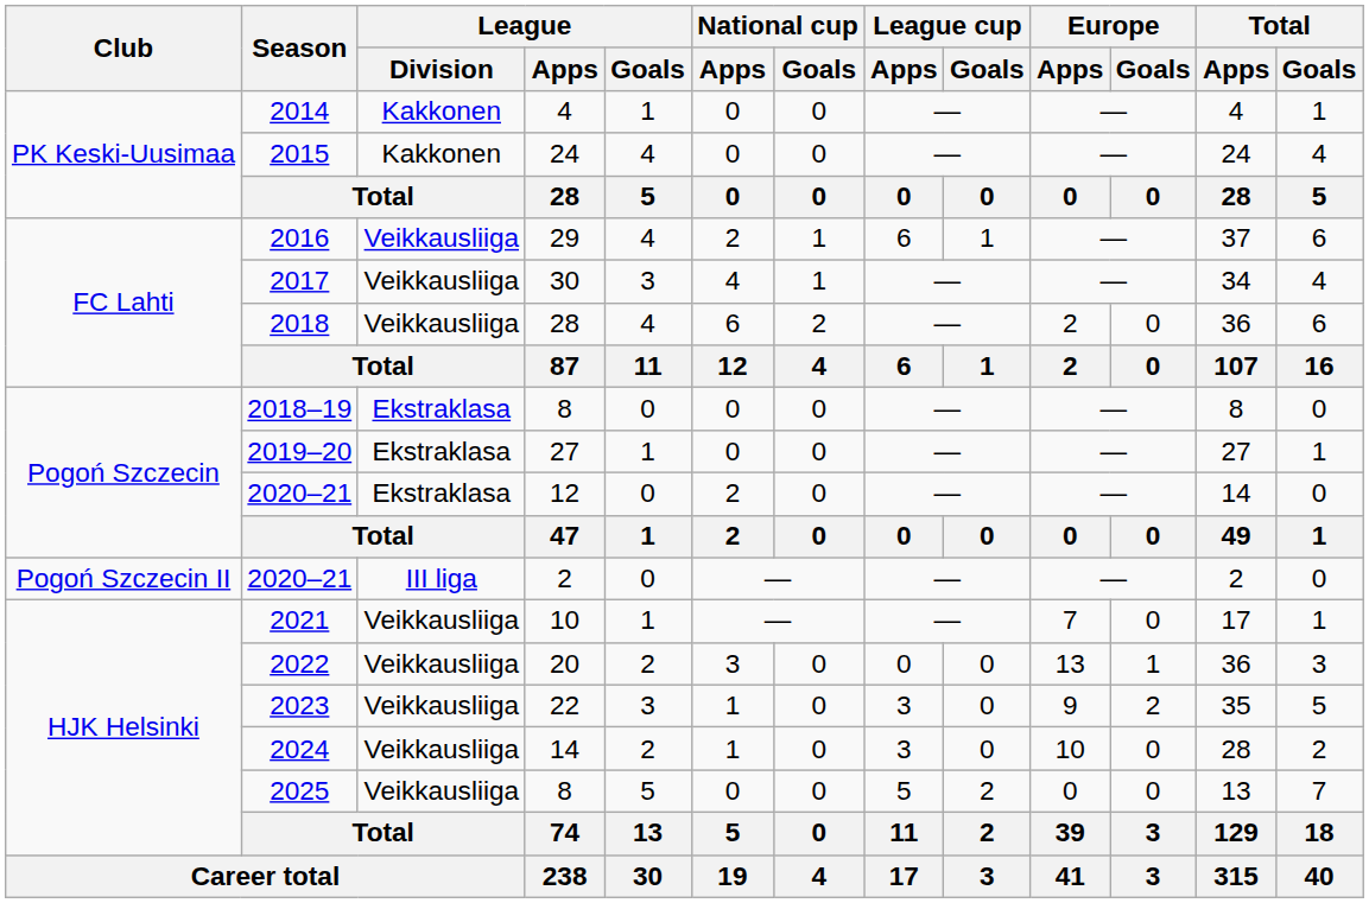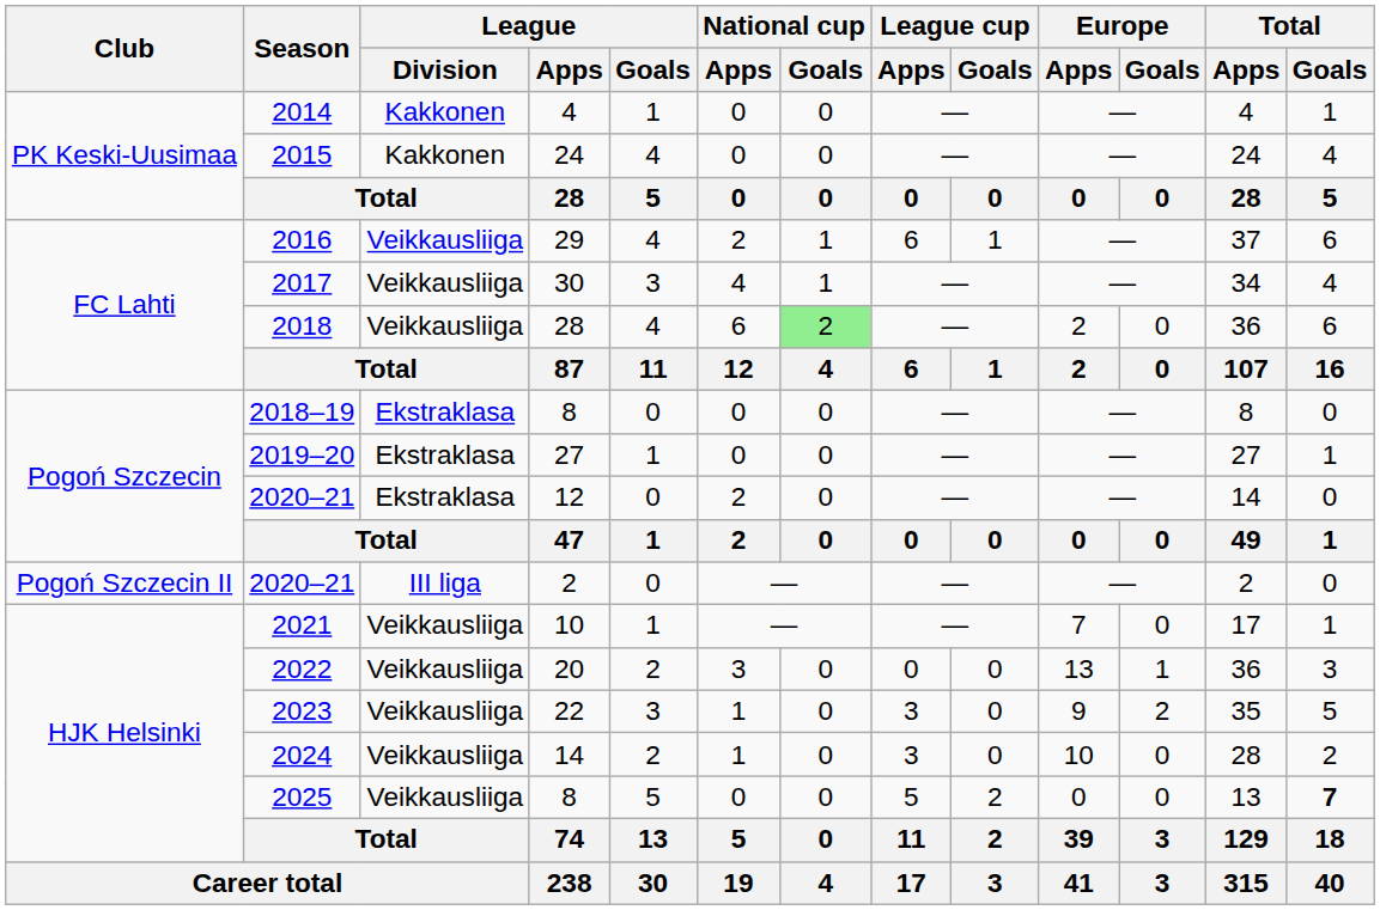 <table class="wikitable" style="text-align:center">
 <tr>
 <th rowspan="2">Club</th>
 <th rowspan="2">Season</th>
 <th colspan="3">League</th>
 <th colspan="2">National cup</th>
 <th colspan="2">League cup</th>
 <th colspan="2">Europe</th>
 <th colspan="2">Total</th>
 </tr>
 <tr>
 <th>Division</th>
 <th>Apps</th>
 <th>Goals</th>
 <th>Apps</th>
 <th>Goals</th>
 <th>Apps</th>
 <th>Goals</th>
 <th>Apps</th>
 <th>Goals</th>
 <th>Apps</th>
 <th>Goals</th>
 </tr>
 <tr>
 <td rowspan="3"><a href='#'>PK Keski-Uusimaa</a></td>
 <td><a href='#'>2014</a></td>
 <td><a href='#'>Kakkonen</a></td>
 <td>4</td>
 <td>1</td>
 <td>0</td>
 <td>0</td>
 <td colspan="2">—</td>
 <td colspan="2">—</td>
 <td>4</td>
 <td>1</td>
 </tr>
 <tr>
 <td><a href='#'>2015</a></td>
 <td>Kakkonen</td>
 <td>24</td>
 <td>4</td>
 <td>0</td>
 <td>0</td>
 <td colspan="2">—</td>
 <td colspan="2">—</td>
 <td>24</td>
 <td>4</td>
 </tr>
 <tr>
 <th colspan="2">Total</th>
 <th>28</th>
 <th>5</th>
 <th>0</th>
 <th>0</th>
 <th>0</th>
 <th>0</th>
 <th>0</th>
 <th>0</th>
 <th>28</th>
 <th>5</th>
 </tr>
 <tr>
 <td rowspan="4"><a href='#'>FC Lahti</a></td>
 <td><a href='#'>2016</a></td>
 <td><a href='#'>Veikkausliiga</a></td>
 <td>29</td>
 <td>4</td>
 <td>2</td>
 <td>1</td>
 <td>6</td>
 <td>1</td>
 <td colspan="2">—</td>
 <td>37</td>
 <td>6</td>
 </tr>
 <tr>
 <td><a href='#'>2017</a></td>
 <td>Veikkausliiga</td>
 <td>30</td>
 <td>3</td>
 <td>4</td>
 <td>1</td>
 <td colspan="2">—</td>
 <td colspan="2">—</td>
 <td>34</td>
 <td>4</td>
 </tr>
 <tr>
 <td><a href='#'>2018</a></td>
 <td>Veikkausliiga</td>
 <td>28</td>
 <td>4</td>
 <td>6</td>
-<td>2</td>
+<td style="background: lightgreen;">2</td>
 <td colspan="2">—</td>
 <td>2</td>
 <td>0</td>
 <td>36</td>
 <td>6</td>
 </tr>
 <tr>
 <th colspan="2">Total</th>
 <th>87</th>
 <th>11</th>
 <th>12</th>
 <th>4</th>
 <th>6</th>
 <th>1</th>
 <th>2</th>
 <th>0</th>
 <th>107</th>
 <th>16</th>
 </tr>
 <tr>
 <td rowspan="4"><a href='#'>Pogoń Szczecin</a></td>
 <td><a href='#'>2018–19</a></td>
 <td><a href='#'>Ekstraklasa</a></td>
 <td>8</td>
 <td>0</td>
 <td>0</td>
 <td>0</td>
 <td colspan="2">—</td>
 <td colspan="2">—</td>
 <td>8</td>
 <td>0</td>
 </tr>
 <tr>
 <td><a href='#'>2019–20</a></td>
 <td>Ekstraklasa</td>
 <td>27</td>
 <td>1</td>
 <td>0</td>
 <td>0</td>
 <td colspan="2">—</td>
 <td colspan="2">—</td>
 <td>27</td>
 <td>1</td>
 </tr>
 <tr>
 <td><a href='#'>2020–21</a></td>
 <td>Ekstraklasa</td>
 <td>12</td>
 <td>0</td>
 <td>2</td>
 <td>0</td>
 <td colspan="2">—</td>
 <td colspan="2">—</td>
 <td>14</td>
 <td>0</td>
 </tr>
 <tr>
 <th colspan="2">Total</th>
 <th>47</th>
 <th>1</th>
 <th>2</th>
 <th>0</th>
 <th>0</th>
 <th>0</th>
 <th>0</th>
 <th>0</th>
 <th>49</th>
 <th>1</th>
 </tr>
 <tr>
 <td><a href='#'>Pogoń Szczecin II</a></td>
 <td><a href='#'>2020–21</a></td>
 <td><a href='#'>III liga</a></td>
 <td>2</td>
 <td>0</td>
 <td colspan="2">—</td>
 <td colspan="2">—</td>
 <td colspan="2">—</td>
 <td>2</td>
 <td>0</td>
 </tr>
 <tr>
 <td rowspan="6"><a href='#'>HJK Helsinki</a></td>
 <td><a href='#'>2021</a></td>
 <td>Veikkausliiga</td>
 <td>10</td>
 <td>1</td>
 <td colspan="2">—</td>
 <td colspan="2">—</td>
 <td>7</td>
 <td>0</td>
 <td>17</td>
 <td>1</td>
 </tr>
 <tr>
 <td><a href='#'>2022</a></td>
 <td>Veikkausliiga</td>
 <td>20</td>
 <td>2</td>
 <td>3</td>
 <td>0</td>
 <td>0</td>
 <td>0</td>
 <td>13</td>
 <td>1</td>
 <td>36</td>
 <td>3</td>
 </tr>
 <tr>
 <td><a href='#'>2023</a></td>
 <td>Veikkausliiga</td>
 <td>22</td>
 <td>3</td>
 <td>1</td>
 <td>0</td>
 <td>3</td>
 <td>0</td>
 <td>9</td>
 <td>2</td>
 <td>35</td>
 <td>5</td>
 </tr>
 <tr>
 <td><a href='#'>2024</a></td>
 <td>Veikkausliiga</td>
 <td>14</td>
 <td>2</td>
 <td>1</td>
 <td>0</td>
 <td>3</td>
 <td>0</td>
 <td>10</td>
 <td>0</td>
 <td>28</td>
 <td>2</td>
 </tr>
 <tr>
 <td><a href='#'>2025</a></td>
 <td>Veikkausliiga</td>
 <td>8</td>
 <td>5</td>
 <td>0</td>
 <td>0</td>
 <td>5</td>
 <td>2</td>
 <td>0</td>
 <td>0</td>
 <td>13</td>
-<td>7</td>
+<td><strong>7</strong></td>
 </tr>
 <tr>
 <th colspan="2">Total</th>
 <th>74</th>
 <th>13</th>
 <th>5</th>
 <th>0</th>
 <th>11</th>
 <th>2</th>
 <th>39</th>
 <th>3</th>
 <th>129</th>
 <th>18</th>
 </tr>
 <tr>
 <th colspan="3">Career total</th>
 <th>238</th>
 <th>30</th>
 <th>19</th>
 <th>4</th>
 <th>17</th>
 <th>3</th>
 <th>41</th>
 <th>3</th>
 <th>315</th>
 <th>40</th>
 </tr>
 </table>
